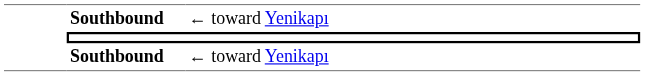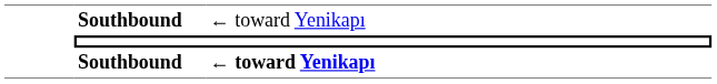 <table table border=0 cellspacing=0 cellpadding=3>
 <tr>
 <td style="border-top:solid 1px gray;border-bottom:solid 1px gray;" width=50 rowspan=3 valign=top></td>
 <td style="border-top:solid 1px gray;" width=100><strong>Southbound</strong></td>
 <td style="border-top:solid 1px gray;" width=400>←  toward <a href='#'>Yenikapı</a></td>
 </tr>
 <tr>
 <td style="border-top:solid 2px black;border-right:solid 2px black;border-left:solid 2px black;border-bottom:solid 2px black;text-align:center;" colspan=2></td>
 </tr>
 <tr>
 <td style="border-bottom:solid 1px gray;"><strong>Southbound</strong></td>
-<td style="border-bottom:solid 1px gray;">←  toward <a href='#'>Yenikapı</a></td>
+<td style="border-bottom:solid 1px gray;"><strong>←  toward <a href='#'>Yenikapı</a></strong></td>
 </tr>
 </table>
